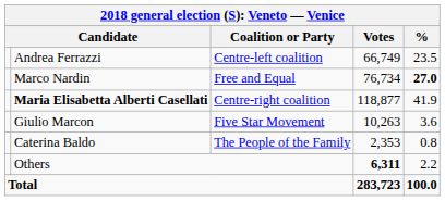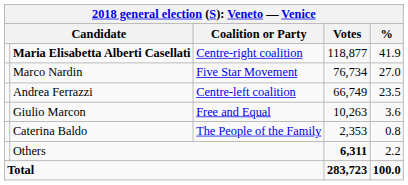 <table class=wikitable style=text-align:right>
 <tr>
 <th colspan=5><a href='#'>2018 general election</a> (<a href='#'>S</a>): <a href='#'>Veneto</a> — <a href='#'>Venice</a></th>
 </tr>
 <tr>
 <th colspan=2>Candidate</th>
 <th>Coalition or Party</th>
 <th>Votes</th>
 <th>%</th>
 </tr>
 <tr>
 <td></td>
+<td align=left><strong>Maria Elisabetta Alberti Casellati</strong></td>
+<td align=left><a href='#'>Centre-right coalition</a></td>
+<td>118,877</td>
+<td>41.9</td>
+</tr>
+<tr>
+<td></td>
+<td align=left>Marco Nardin</td>
+<td align=left><a href='#'>Five Star Movement</a></td>
+<td>76,734</td>
+<td>27.0</td>
+</tr>
+<tr>
+<td></td>
 <td align=left>Andrea Ferrazzi</td>
 <td align=left><a href='#'>Centre-left coalition</a></td>
 <td>66,749</td>
 <td>23.5</td>
 </tr>
 <tr>
 <td></td>
-<td align=left>Marco Nardin</td>
+<td align=left>Giulio Marcon</td>
 <td align=left><a href='#'>Free and Equal</a></td>
-<td>76,734</td>
-<td><strong>27.0</strong></td>
-</tr>
-<tr>
-<td></td>
-<td align=left><strong>Maria Elisabetta Alberti Casellati</strong></td>
-<td align=left><a href='#'>Centre-right coalition</a></td>
-<td>118,877</td>
-<td>41.9</td>
-</tr>
-<tr>
-<td></td>
-<td align=left>Giulio Marcon</td>
-<td align=left><a href='#'>Five Star Movement</a></td>
 <td>10,263</td>
 <td>3.6</td>
 </tr>
 <tr>
 <td></td>
 <td align=left>Caterina Baldo</td>
 <td align=left><a href='#'>The People of the Family</a></td>
 <td>2,353</td>
 <td>0.8</td>
 </tr>
 <tr>
 <td></td>
 <td align=left colspan=2>Others</td>
 <td><strong>6,311</strong></td>
 <td>2.2</td>
 </tr>
 <tr>
 <td align=left colspan=3><strong>Total</strong></td>
 <td><strong>283,723</strong></td>
 <td><strong>100.0</strong></td>
 </tr>
 </table>
